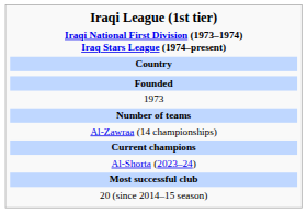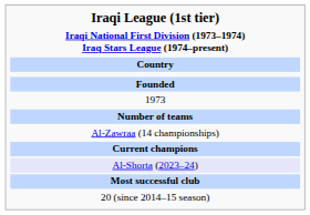 <table class="infobox football" style="width: 22em; text-align: center;">
 <tr>
 <th style="font-size: 16px;">Iraqi League (1st tier)</th>
 </tr>
 <tr>
 <th style="font-size: 12px;"><a href='#'>Iraqi National First Division</a> (1973–1974)<br><a href='#'>Iraq Stars League</a> (1974–present)</th>
 </tr>
 <tr>
 <td style="font-size: 12px; background: #BFD7FF;"><strong>Country</strong></td>
 </tr>
 <tr>
 <td style="font-size: 12px;"></td>
 </tr>
 <tr>
 <td style="font-size: 12px; background: #BFD7FF;"><strong>Founded</strong></td>
 </tr>
 <tr>
 <td style="font-size: 12px;">1973</td>
 </tr>
 <tr>
 <td style="font-size: 12px; background: #BFD7FF;"><strong>Number of teams</strong></td>
 </tr>
 <tr>
 <td style="font-size: 12px;"><a href='#'>Al-Zawraa</a> (14 championships)</td>
 </tr>
 <tr>
 <td style="font-size: 12px; background: #BFD7FF;"><strong>Current champions</strong></td>
 </tr>
 <tr>
-<td style="font-size: 12px;"><a href='#'>Al-Shorta</a> (<a href='#'>2023–24</a>)</td>
+<td style="background: lavender; font-size: 12px;"><a href='#'>Al-Shorta</a> (<a href='#'>2023–24</a>)</td>
 </tr>
 <tr>
 <td style="font-size: 12px; background: #BFD7FF;"><strong>Most successful club</strong></td>
 </tr>
 <tr>
 <td style="font-size: 12px;">20 (since 2014–15 season)</td>
 </tr>
 </table>
